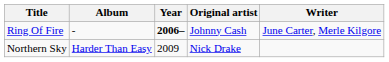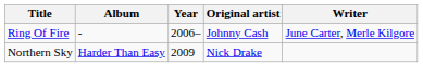 <table class="wikitable sortable">
 <tr>
 <th>Title</th>
 <th>Album</th>
 <th>Year</th>
 <th>Original artist</th>
 <th>Writer</th>
 </tr>
 <tr>
 <td><a href='#'>Ring Of Fire</a></td>
 <td>-</td>
-<td><strong>2006–</strong></td>
+<td>2006–</td>
 <td><a href='#'>Johnny Cash</a></td>
 <td><a href='#'>June Carter</a>, <a href='#'>Merle Kilgore</a></td>
 </tr>
 <tr>
 <td>Northern Sky</td>
 <td><a href='#'>Harder Than Easy</a></td>
 <td>2009</td>
 <td><a href='#'>Nick Drake</a></td>
 </tr>
 </table>
